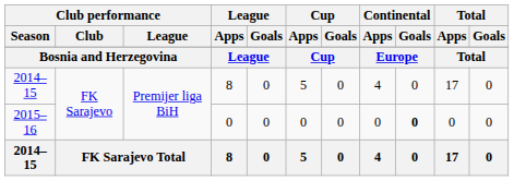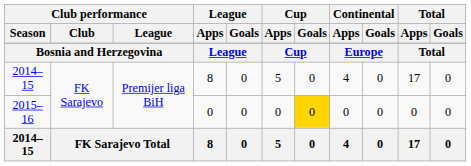 <table class="wikitable" style="text-align:center">
 <tr>
 <th colspan=3>Club performance</th>
 <th colspan=2>League</th>
 <th colspan=2>Cup</th>
 <th colspan=2>Continental</th>
 <th colspan=2>Total</th>
 </tr>
 <tr>
 <th>Season</th>
 <th>Club</th>
 <th>League</th>
 <th>Apps</th>
 <th>Goals</th>
 <th>Apps</th>
 <th>Goals</th>
 <th>Apps</th>
 <th>Goals</th>
 <th>Apps</th>
 <th>Goals</th>
 </tr>
 <tr>
 </tr>
 <tr>
 <th colspan=3>Bosnia and Herzegovina</th>
 <th colspan=2><a href='#'>League</a></th>
 <th colspan=2><a href='#'>Cup</a></th>
 <th colspan=2><a href='#'>Europe</a></th>
 <th colspan=2>Total</th>
 </tr>
 <tr>
 <td><a href='#'>2014–15</a></td>
 <td rowspan="2"><a href='#'>FK Sarajevo</a></td>
 <td rowspan="2"><a href='#'>Premijer liga BiH</a></td>
 <td>8</td>
 <td>0</td>
 <td>5</td>
 <td>0</td>
 <td>4</td>
 <td>0</td>
 <td>17</td>
 <td>0</td>
 </tr>
 <tr>
 <td><a href='#'>2015–16</a></td>
 <td>0</td>
 <td>0</td>
 <td>0</td>
+<td style="background: gold;">0</td>
 <td>0</td>
 <td>0</td>
-<td><strong>0</strong></td>
 <td>0</td>
 <td>0</td>
 </tr>
 <tr>
 <th>2014–15</th>
 <th colspan=2>FK Sarajevo Total</th>
 <th>8</th>
 <th>0</th>
 <th>5</th>
 <th>0</th>
 <th>4</th>
 <th>0</th>
 <th>17</th>
 <th>0</th>
 </tr>
 </table>
